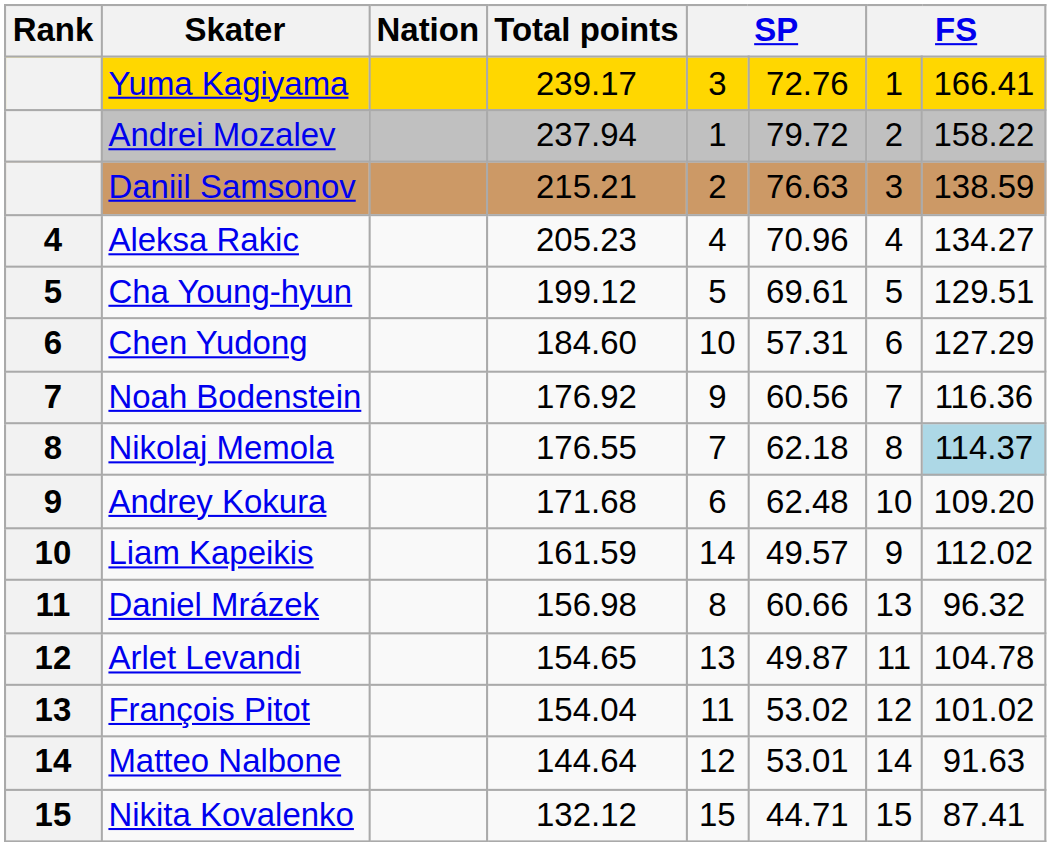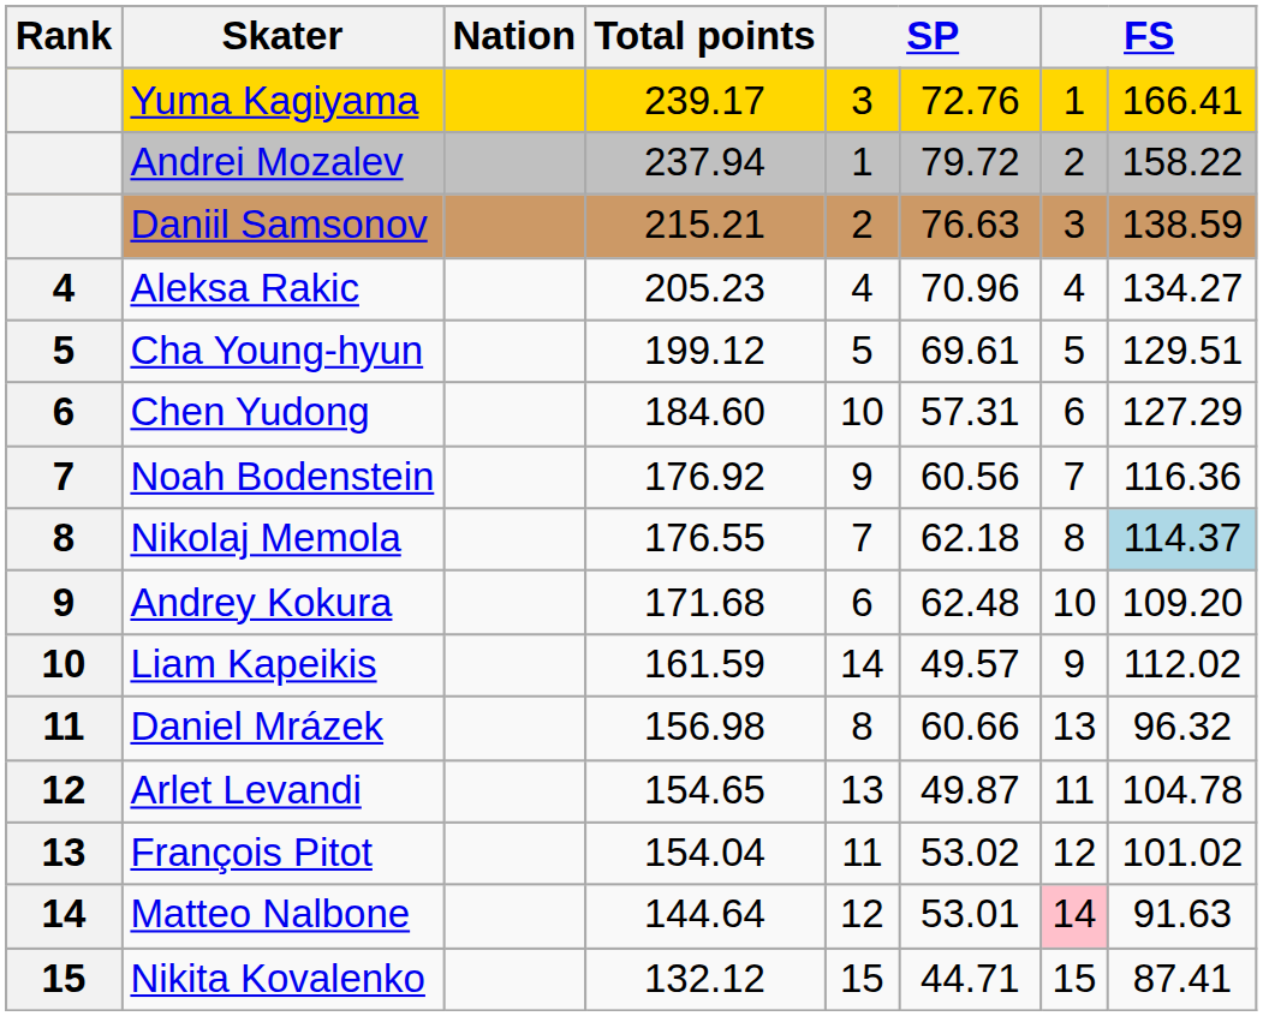 <table class="wikitable sortable" style="text-align:left">
 <tr>
 <th scope="col">Rank</th>
 <th scope="col">Skater</th>
 <th scope="col">Nation</th>
 <th scope="col">Total points</th>
 <th scope="col" colspan="2" width="80px"><a href='#'>SP</a></th>
 <th scope="col" colspan="2" width="80px"><a href='#'>FS</a></th>
 </tr>
 <tr bgcolor="gold">
 <th scope="row"></th>
 <td><a href='#'>Yuma Kagiyama</a></td>
 <td></td>
 <td align="center">239.17</td>
 <td align="center">3</td>
 <td align="center">72.76</td>
 <td align="center">1</td>
 <td align="center">166.41</td>
 </tr>
 <tr bgcolor="silver">
 <th scope="row"></th>
 <td><a href='#'>Andrei Mozalev</a></td>
 <td></td>
 <td align="center">237.94</td>
 <td align="center">1</td>
 <td align="center">79.72</td>
 <td align="center">2</td>
 <td align="center">158.22</td>
 </tr>
 <tr bgcolor="#cc9966">
 <th scope="row"></th>
 <td><a href='#'>Daniil Samsonov</a></td>
 <td></td>
 <td align="center">215.21</td>
 <td align="center">2</td>
 <td align="center">76.63</td>
 <td align="center">3</td>
 <td align="center">138.59</td>
 </tr>
 <tr>
 <th scope="row">4</th>
 <td><a href='#'>Aleksa Rakic</a></td>
 <td></td>
 <td align="center">205.23</td>
 <td align="center">4</td>
 <td align="center">70.96</td>
 <td align="center">4</td>
 <td align="center">134.27</td>
 </tr>
 <tr>
 <th scope="row">5</th>
 <td><a href='#'>Cha Young-hyun</a></td>
 <td></td>
 <td align="center">199.12</td>
 <td align="center">5</td>
 <td align="center">69.61</td>
 <td align="center">5</td>
 <td align="center">129.51</td>
 </tr>
 <tr>
 <th scope="row">6</th>
 <td><a href='#'>Chen Yudong</a></td>
 <td></td>
 <td align="center">184.60</td>
 <td align="center">10</td>
 <td align="center">57.31</td>
 <td align="center">6</td>
 <td align="center">127.29</td>
 </tr>
 <tr>
 <th scope="row">7</th>
 <td><a href='#'>Noah Bodenstein</a></td>
 <td></td>
 <td align="center">176.92</td>
 <td align="center">9</td>
 <td align="center">60.56</td>
 <td align="center">7</td>
 <td align="center">116.36</td>
 </tr>
 <tr>
 <th scope="row">8</th>
 <td><a href='#'>Nikolaj Memola</a></td>
 <td></td>
 <td align="center">176.55</td>
 <td align="center">7</td>
 <td align="center">62.18</td>
 <td align="center">8</td>
 <td align="center" style="background: lightblue;">114.37</td>
 </tr>
 <tr>
 <th scope="row">9</th>
 <td><a href='#'>Andrey Kokura</a></td>
 <td></td>
 <td align="center">171.68</td>
 <td align="center">6</td>
 <td align="center">62.48</td>
 <td align="center">10</td>
 <td align="center">109.20</td>
 </tr>
 <tr>
 <th scope="row">10</th>
 <td><a href='#'>Liam Kapeikis</a></td>
 <td></td>
 <td align="center">161.59</td>
 <td align="center">14</td>
 <td align="center">49.57</td>
 <td align="center">9</td>
 <td align="center">112.02</td>
 </tr>
 <tr>
 <th scope="row">11</th>
 <td><a href='#'>Daniel Mrázek</a></td>
 <td></td>
 <td align="center">156.98</td>
 <td align="center">8</td>
 <td align="center">60.66</td>
 <td align="center">13</td>
 <td align="center">96.32</td>
 </tr>
 <tr>
 <th scope="row">12</th>
 <td><a href='#'>Arlet Levandi</a></td>
 <td></td>
 <td align="center">154.65</td>
 <td align="center">13</td>
 <td align="center">49.87</td>
 <td align="center">11</td>
 <td align="center">104.78</td>
 </tr>
 <tr>
 <th scope="row">13</th>
 <td><a href='#'>François Pitot</a></td>
 <td></td>
 <td align="center">154.04</td>
 <td align="center">11</td>
 <td align="center">53.02</td>
 <td align="center">12</td>
 <td align="center">101.02</td>
 </tr>
 <tr>
 <th scope="row">14</th>
 <td><a href='#'>Matteo Nalbone</a></td>
 <td></td>
 <td align="center">144.64</td>
 <td align="center">12</td>
 <td align="center">53.01</td>
-<td align="center">14</td>
+<td align="center" style="background: pink;">14</td>
 <td align="center">91.63</td>
 </tr>
 <tr>
 <th scope="row">15</th>
 <td><a href='#'>Nikita Kovalenko</a></td>
 <td></td>
 <td align="center">132.12</td>
 <td align="center">15</td>
 <td align="center">44.71</td>
 <td align="center">15</td>
 <td align="center">87.41</td>
 </tr>
 </table>
